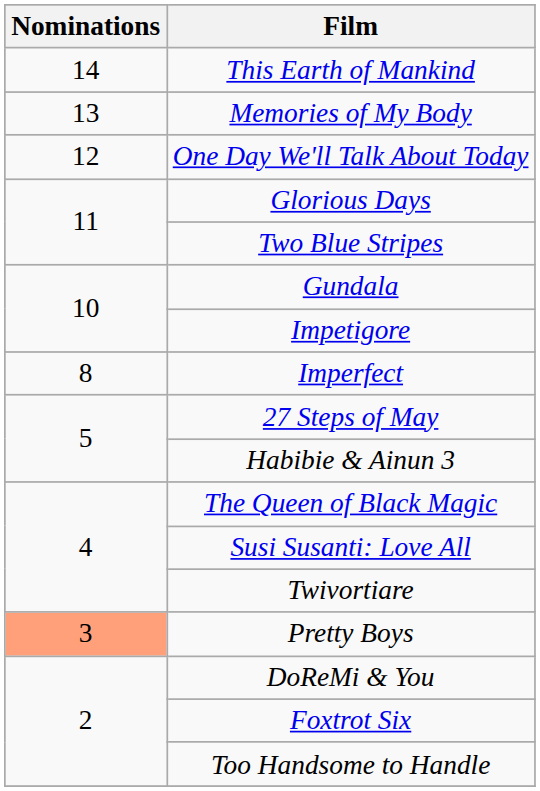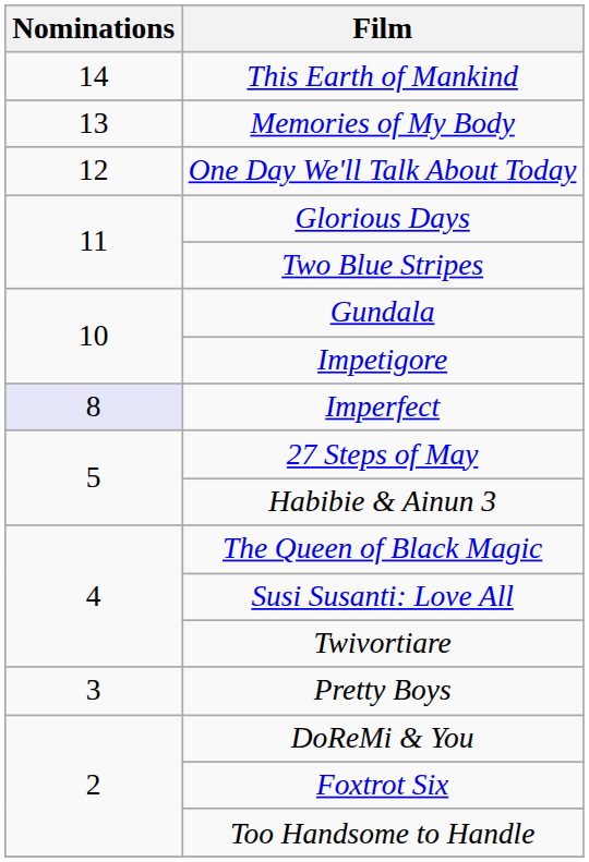 <table class="wikitable plainrowheaders" style="text-align:center;">
 <tr>
 <th scope="col" style="width:55px;">Nominations</th>
 <th scope="col" style="text-align:center;">Film</th>
 </tr>
 <tr>
 <td>14</td>
 <td><em><a href='#'>This Earth of Mankind</a></em></td>
 </tr>
 <tr>
 <td>13</td>
 <td><em><a href='#'>Memories of My Body</a></em></td>
 </tr>
 <tr>
 <td>12</td>
 <td><em><a href='#'>One Day We'll Talk About Today</a></em></td>
 </tr>
 <tr>
 <td rowspan="2">11</td>
 <td><em><a href='#'>Glorious Days</a></em></td>
 </tr>
 <tr>
 <td><em><a href='#'>Two Blue Stripes</a></em></td>
 </tr>
 <tr>
 <td rowspan="2">10</td>
 <td><em><a href='#'>Gundala</a></em></td>
 </tr>
 <tr>
 <td><em><a href='#'>Impetigore</a></em></td>
 </tr>
 <tr>
-<td>8</td>
+<td style="background: lavender;">8</td>
 <td><em><a href='#'>Imperfect</a></em></td>
 </tr>
 <tr>
 <td rowspan="2">5</td>
 <td><em><a href='#'>27 Steps of May</a></em></td>
 </tr>
 <tr>
 <td><em>Habibie & Ainun 3</em></td>
 </tr>
 <tr>
 <td rowspan="3">4</td>
 <td><em><a href='#'>The Queen of Black Magic</a></em></td>
 </tr>
 <tr>
 <td><em><a href='#'>Susi Susanti: Love All</a></em></td>
 </tr>
 <tr>
 <td><em>Twivortiare</em></td>
 </tr>
 <tr>
-<td style="background: lightsalmon;">3</td>
+<td>3</td>
 <td><em>Pretty Boys</em></td>
 </tr>
 <tr>
 <td rowspan="3">2</td>
 <td><em>DoReMi & You</em></td>
 </tr>
 <tr>
 <td><em><a href='#'>Foxtrot Six</a></em></td>
 </tr>
 <tr>
 <td><em>Too Handsome to Handle</em></td>
 </tr>
 <tr>
 </tr>
 </table>
